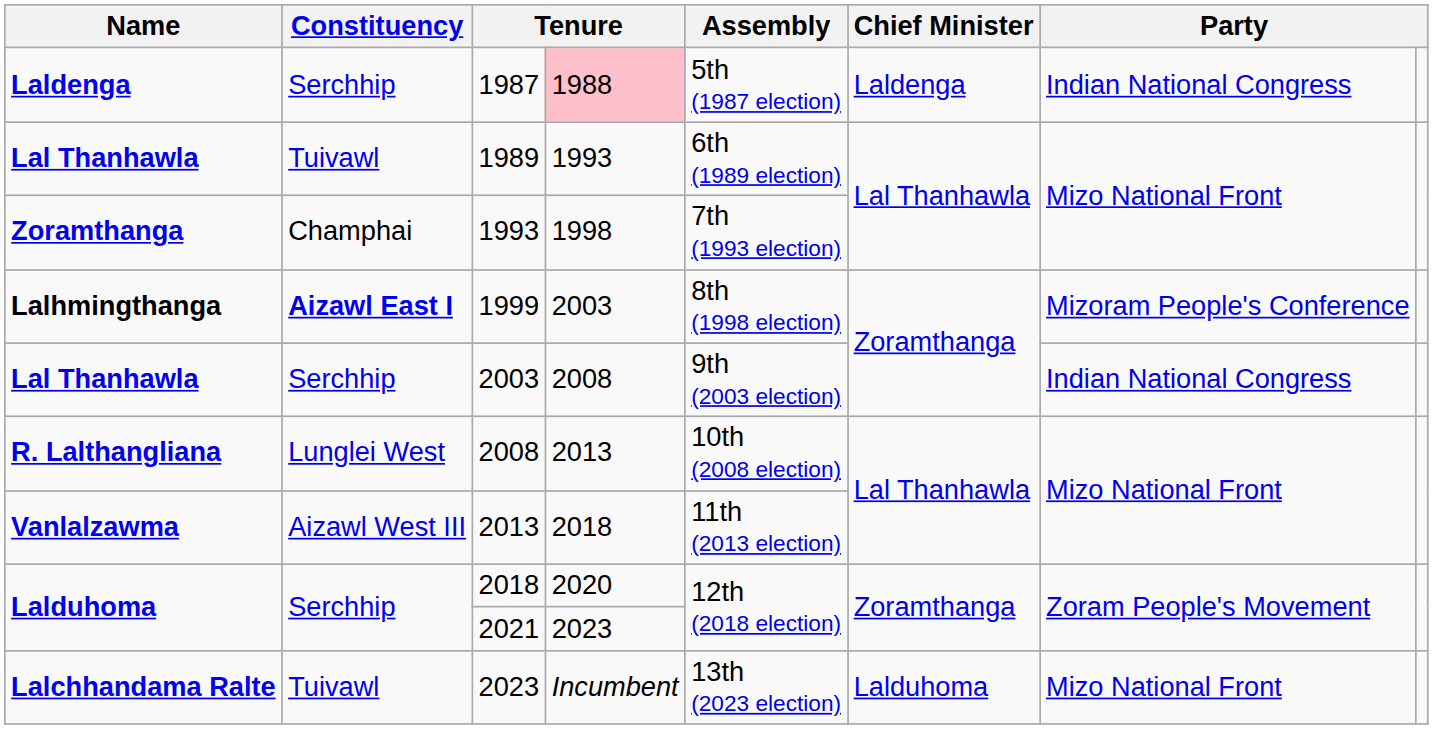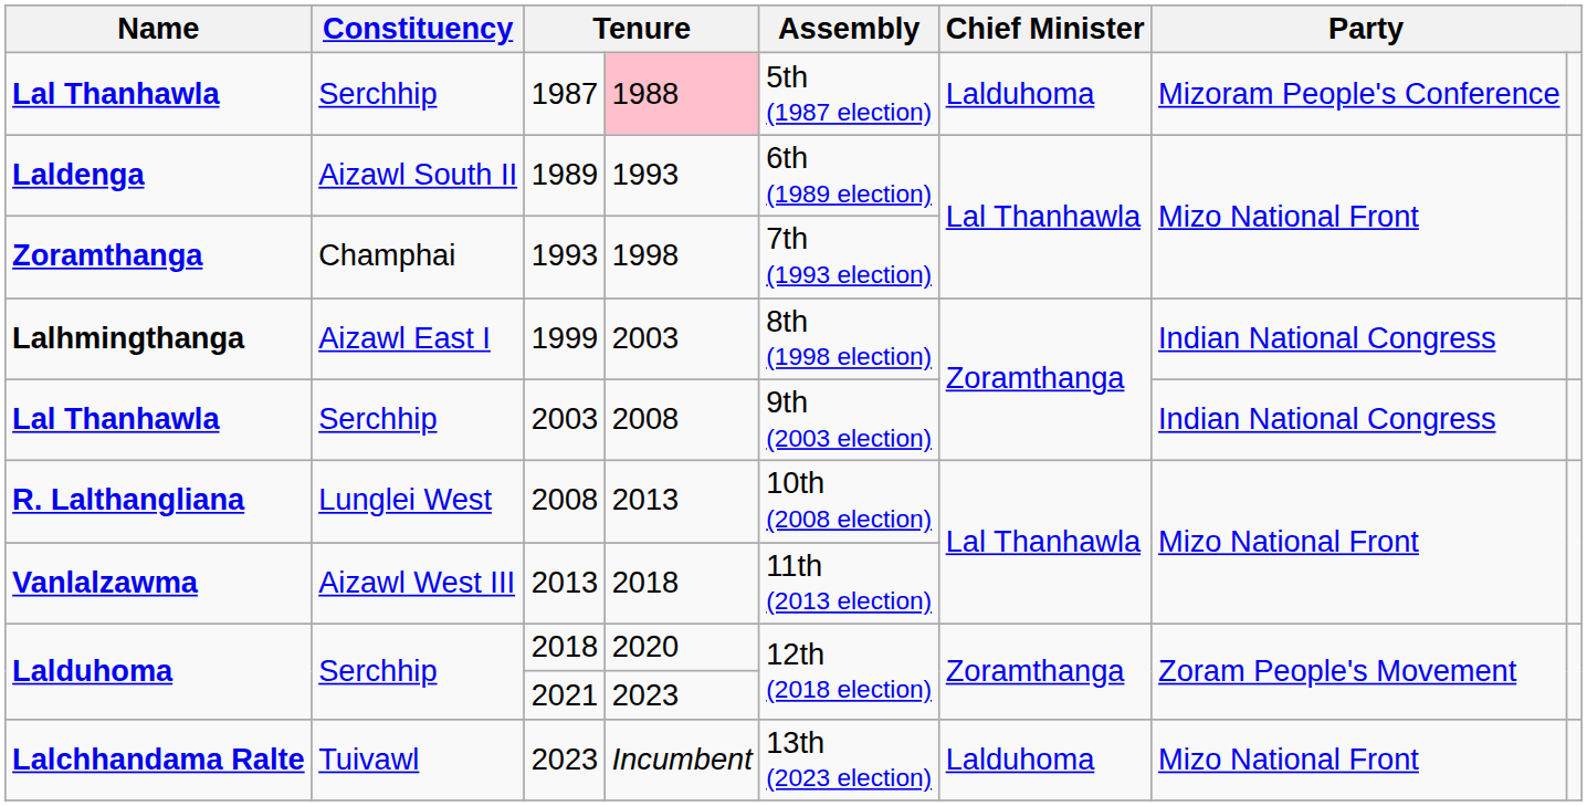 <table class="wikitable">
 <tr>
 <th>Name</th>
 <th><a href='#'>Constituency</a></th>
 <th colspan="2">Tenure</th>
 <th>Assembly</th>
 <th>Chief Minister</th>
 <th colspan="2">Party</th>
 </tr>
 <tr>
-<td><strong><a href='#'>Laldenga</a></strong></td>
+<td><strong><a href='#'>Lal Thanhawla</a></strong></td>
 <td><a href='#'>Serchhip</a></td>
 <td>1987</td>
 <td style="background: pink;">1988</td>
 <td>5th<br><a href='#'><small>(1987 election)</small></a></td>
-<td><a href='#'>Laldenga</a></td>
-<td><a href='#'>Indian National Congress</a></td>
+<td><a href='#'>Lalduhoma</a></td>
+<td><a href='#'>Mizoram People's Conference</a></td>
 <td style="background-color: "></td>
 </tr>
 <tr>
-<td><strong><a href='#'>Lal Thanhawla</a></strong></td>
-<td><a href='#'>Tuivawl</a></td>
+<td><strong><a href='#'>Laldenga</a></strong></td>
+<td><a href='#'>Aizawl South II</a></td>
 <td>1989</td>
 <td>1993</td>
 <td>6th<br><a href='#'><small>(1989 election)</small></a></td>
 <td rowspan="2"><a href='#'>Lal Thanhawla</a></td>
 <td rowspan="2"><a href='#'>Mizo National Front</a></td>
 <td rowspan="2" style="background-color: "></td>
 </tr>
 <tr>
 <td><strong><a href='#'>Zoramthanga</a></strong></td>
 <td>Champhai</td>
 <td>1993</td>
 <td>1998</td>
 <td>7th<br><a href='#'><small>(1993 election)</small></a></td>
 </tr>
 <tr>
 <td><strong>Lalhmingthanga</strong></td>
-<td><strong><a href='#'>Aizawl East I</a></strong></td>
+<td><a href='#'>Aizawl East I</a></td>
 <td>1999</td>
 <td>2003</td>
 <td>8th<br><a href='#'><small>(1998 election)</small></a></td>
 <td rowspan="2"><a href='#'>Zoramthanga</a></td>
-<td><a href='#'>Mizoram People's Conference</a></td>
+<td><a href='#'>Indian National Congress</a></td>
 <td style="background-color: "></td>
 </tr>
 <tr>
 <td><strong><a href='#'>Lal Thanhawla</a></strong></td>
 <td><a href='#'>Serchhip</a></td>
 <td>2003</td>
 <td>2008</td>
 <td>9th<br><a href='#'><small>(2003 election)</small></a></td>
 <td><a href='#'>Indian National Congress</a></td>
 <td style="background-color: "></td>
 </tr>
 <tr>
 <td><strong><a href='#'>R. Lalthangliana</a></strong></td>
 <td><a href='#'>Lunglei West</a></td>
 <td>2008</td>
 <td>2013</td>
 <td>10th<br><a href='#'><small>(2008 election)</small></a></td>
 <td rowspan="2"><a href='#'>Lal Thanhawla</a></td>
 <td rowspan="2"><a href='#'>Mizo National Front</a></td>
 <td rowspan="2" style="background-color: "></td>
 </tr>
 <tr>
 <td><strong><a href='#'>Vanlalzawma</a></strong></td>
 <td><a href='#'>Aizawl West III</a></td>
 <td>2013</td>
 <td>2018</td>
 <td>11th<br><a href='#'><small>(2013 election)</small></a></td>
 </tr>
 <tr>
 <td rowspan="2"><strong><a href='#'>Lalduhoma</a></strong></td>
 <td rowspan="2"><a href='#'>Serchhip</a></td>
 <td>2018</td>
 <td>2020 <br></td>
 <td rowspan="2">12th<br><a href='#'><small>(2018 election)</small></a></td>
 <td rowspan="2"><a href='#'>Zoramthanga</a></td>
 <td rowspan="2"><a href='#'>Zoram People's Movement</a></td>
 <td rowspan="2" style="background-color: "></td>
 </tr>
 <tr>
 <td>2021</td>
 <td>2023</td>
 </tr>
 <tr>
 <td><strong><a href='#'>Lalchhandama Ralte</a></strong></td>
 <td><a href='#'>Tuivawl</a></td>
 <td>2023</td>
 <td><em>Incumbent</em></td>
 <td>13th<br><a href='#'><small>(2023 election)</small></a></td>
 <td><a href='#'>Lalduhoma</a></td>
 <td><a href='#'>Mizo National Front</a></td>
 <td style="background-color: "></td>
 </tr>
 </table>
